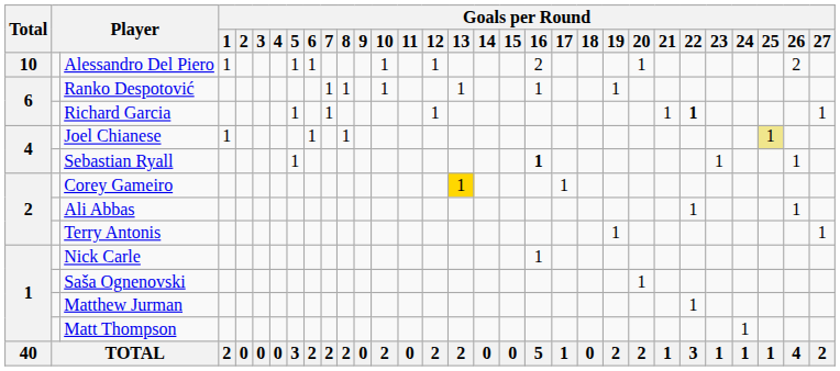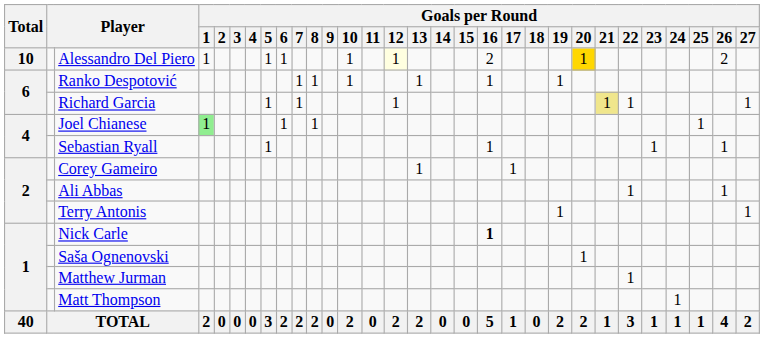 <table class="wikitable" style="text-align:center; line-height: 90%; font-size:90%;">
 <tr>
 <th rowspan="2">Total</th>
 <th rowspan="2" colspan="2">Player</th>
 <th colspan="27">Goals per Round</th>
 </tr>
 <tr>
 <th>1</th>
 <th>2</th>
 <th>3</th>
 <th>4</th>
 <th>5</th>
 <th>6</th>
 <th>7</th>
 <th>8</th>
 <th>9</th>
 <th>10</th>
 <th>11</th>
 <th>12</th>
 <th>13</th>
 <th>14</th>
 <th>15</th>
 <th>16</th>
 <th>17</th>
 <th>18</th>
 <th>19</th>
 <th>20</th>
 <th>21</th>
 <th>22</th>
 <th>23</th>
 <th>24</th>
 <th>25</th>
 <th>26</th>
 <th>27</th>
 </tr>
 <tr>
 <th rowspan="1">10</th>
 <td></td>
 <td style="text-align:left;"><a href='#'>Alessandro Del Piero</a></td>
 <td>1</td>
 <td></td>
 <td></td>
 <td></td>
 <td>1</td>
 <td>1</td>
 <td></td>
 <td></td>
 <td></td>
 <td>1</td>
 <td></td>
-<td>1</td>
+<td style="background: lightyellow;">1</td>
 <td></td>
 <td></td>
 <td></td>
 <td>2</td>
 <td></td>
 <td></td>
 <td></td>
-<td>1</td>
+<td style="background: gold;">1</td>
 <td></td>
 <td></td>
 <td></td>
 <td></td>
 <td></td>
 <td>2</td>
 <td></td>
 </tr>
 <tr>
 <th rowspan="2">6</th>
 <td></td>
 <td style="text-align:left;"><a href='#'>Ranko Despotović</a></td>
 <td></td>
 <td></td>
 <td></td>
 <td></td>
 <td></td>
 <td></td>
 <td>1</td>
 <td>1</td>
 <td></td>
 <td>1</td>
 <td></td>
 <td></td>
 <td>1</td>
 <td></td>
 <td></td>
 <td>1</td>
 <td></td>
 <td></td>
 <td>1</td>
 <td></td>
 <td></td>
 <td></td>
 <td></td>
 <td></td>
 <td></td>
 <td></td>
 <td></td>
 </tr>
 <tr>
 <td></td>
 <td style="text-align:left;"><a href='#'>Richard Garcia</a></td>
 <td></td>
 <td></td>
 <td></td>
 <td></td>
 <td>1</td>
 <td></td>
 <td>1</td>
 <td></td>
 <td></td>
 <td></td>
 <td></td>
 <td>1</td>
 <td></td>
 <td></td>
 <td></td>
 <td></td>
 <td></td>
 <td></td>
 <td></td>
 <td></td>
+<td style="background: khaki;">1</td>
 <td>1</td>
-<td><strong>1</strong></td>
 <td></td>
 <td></td>
 <td></td>
 <td></td>
 <td>1</td>
 </tr>
 <tr>
 <th rowspan="2">4</th>
 <td></td>
 <td style="text-align:left;"><a href='#'>Joel Chianese</a></td>
-<td>1</td>
+<td style="background: lightgreen;">1</td>
 <td></td>
 <td></td>
 <td></td>
 <td></td>
 <td>1</td>
 <td></td>
 <td>1</td>
 <td></td>
 <td></td>
 <td></td>
 <td></td>
 <td></td>
 <td></td>
 <td></td>
 <td></td>
 <td></td>
 <td></td>
 <td></td>
 <td></td>
 <td></td>
 <td></td>
 <td></td>
 <td></td>
-<td style="background: khaki;">1</td>
+<td>1</td>
 <td></td>
 <td></td>
 </tr>
 <tr>
 <td></td>
 <td style="text-align:left;"><a href='#'>Sebastian Ryall</a></td>
 <td></td>
 <td></td>
 <td></td>
 <td></td>
 <td>1</td>
 <td></td>
 <td></td>
 <td></td>
 <td></td>
 <td></td>
 <td></td>
 <td></td>
 <td></td>
 <td></td>
 <td></td>
-<td><strong>1</strong></td>
+<td>1</td>
 <td></td>
 <td></td>
 <td></td>
 <td></td>
 <td></td>
 <td></td>
 <td>1</td>
 <td></td>
 <td></td>
 <td>1</td>
 <td></td>
 </tr>
 <tr>
 <th rowspan="3">2</th>
 <td></td>
 <td style="text-align:left;"><a href='#'>Corey Gameiro</a></td>
 <td></td>
 <td></td>
 <td></td>
 <td></td>
 <td></td>
 <td></td>
 <td></td>
 <td></td>
 <td></td>
 <td></td>
 <td></td>
 <td></td>
-<td style="background: gold;">1</td>
+<td>1</td>
 <td></td>
 <td></td>
 <td></td>
 <td>1</td>
 <td></td>
 <td></td>
 <td></td>
 <td></td>
 <td></td>
 <td></td>
 <td></td>
 <td></td>
 <td></td>
 <td></td>
 </tr>
 <tr>
 <td></td>
 <td style="text-align:left;"><a href='#'>Ali Abbas</a></td>
 <td></td>
 <td></td>
 <td></td>
 <td></td>
 <td></td>
 <td></td>
 <td></td>
 <td></td>
 <td></td>
 <td></td>
 <td></td>
 <td></td>
 <td></td>
 <td></td>
 <td></td>
 <td></td>
 <td></td>
 <td></td>
 <td></td>
 <td></td>
 <td></td>
 <td>1</td>
 <td></td>
 <td></td>
 <td></td>
 <td>1</td>
 <td></td>
 </tr>
 <tr>
 <td></td>
 <td style="text-align:left;"><a href='#'>Terry Antonis</a></td>
 <td></td>
 <td></td>
 <td></td>
 <td></td>
 <td></td>
 <td></td>
 <td></td>
 <td></td>
 <td></td>
 <td></td>
 <td></td>
 <td></td>
 <td></td>
 <td></td>
 <td></td>
 <td></td>
 <td></td>
 <td></td>
 <td>1</td>
 <td></td>
 <td></td>
 <td></td>
 <td></td>
 <td></td>
 <td></td>
 <td></td>
 <td>1</td>
 </tr>
 <tr>
 <th rowspan="4">1</th>
 <td></td>
 <td style="text-align:left;"><a href='#'>Nick Carle</a></td>
 <td></td>
 <td></td>
 <td></td>
 <td></td>
 <td></td>
 <td></td>
 <td></td>
 <td></td>
 <td></td>
 <td></td>
 <td></td>
 <td></td>
 <td></td>
 <td></td>
 <td></td>
-<td>1</td>
+<td><strong>1</strong></td>
 <td></td>
 <td></td>
 <td></td>
 <td></td>
 <td></td>
 <td></td>
 <td></td>
 <td></td>
 <td></td>
 <td></td>
 <td></td>
 </tr>
 <tr>
 <td></td>
 <td style="text-align:left;"><a href='#'>Saša Ognenovski</a></td>
 <td></td>
 <td></td>
 <td></td>
 <td></td>
 <td></td>
 <td></td>
 <td></td>
 <td></td>
 <td></td>
 <td></td>
 <td></td>
 <td></td>
 <td></td>
 <td></td>
 <td></td>
 <td></td>
 <td></td>
 <td></td>
 <td></td>
 <td>1</td>
 <td></td>
 <td></td>
 <td></td>
 <td></td>
 <td></td>
 <td></td>
 <td></td>
 </tr>
 <tr>
 <td></td>
 <td style="text-align:left;"><a href='#'>Matthew Jurman</a></td>
 <td></td>
 <td></td>
 <td></td>
 <td></td>
 <td></td>
 <td></td>
 <td></td>
 <td></td>
 <td></td>
 <td></td>
 <td></td>
 <td></td>
 <td></td>
 <td></td>
 <td></td>
 <td></td>
 <td></td>
 <td></td>
 <td></td>
 <td></td>
 <td></td>
 <td>1</td>
 <td></td>
 <td></td>
 <td></td>
 <td></td>
 <td></td>
 </tr>
 <tr>
 <td></td>
 <td style="text-align:left;"><a href='#'>Matt Thompson</a></td>
 <td></td>
 <td></td>
 <td></td>
 <td></td>
 <td></td>
 <td></td>
 <td></td>
 <td></td>
 <td></td>
 <td></td>
 <td></td>
 <td></td>
 <td></td>
 <td></td>
 <td></td>
 <td></td>
 <td></td>
 <td></td>
 <td></td>
 <td></td>
 <td></td>
 <td></td>
 <td></td>
 <td>1</td>
 <td></td>
 <td></td>
 <td></td>
 </tr>
 <tr>
 <th rowspan="1">40</th>
 <th colspan="2">TOTAL</th>
 <th style="text-align:center;">2</th>
 <th>0</th>
 <th>0</th>
 <th>0</th>
 <th>3</th>
 <th>2</th>
 <th>2</th>
 <th>2</th>
 <th>0</th>
 <th>2</th>
 <th>0</th>
 <th>2</th>
 <th>2</th>
 <th>0</th>
 <th>0</th>
 <th>5</th>
 <th>1</th>
 <th>0</th>
 <th>2</th>
 <th>2</th>
 <th>1</th>
 <th>3</th>
 <th>1</th>
 <th>1</th>
 <th>1</th>
 <th>4</th>
 <th>2</th>
 </tr>
 </table>
